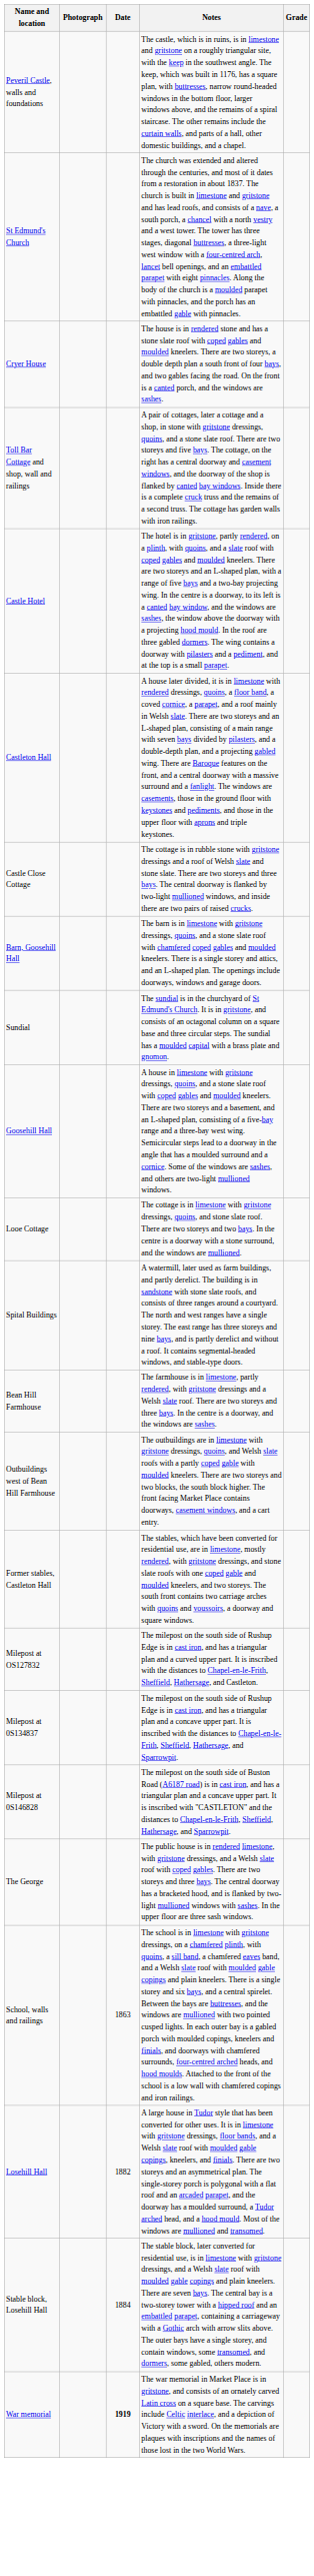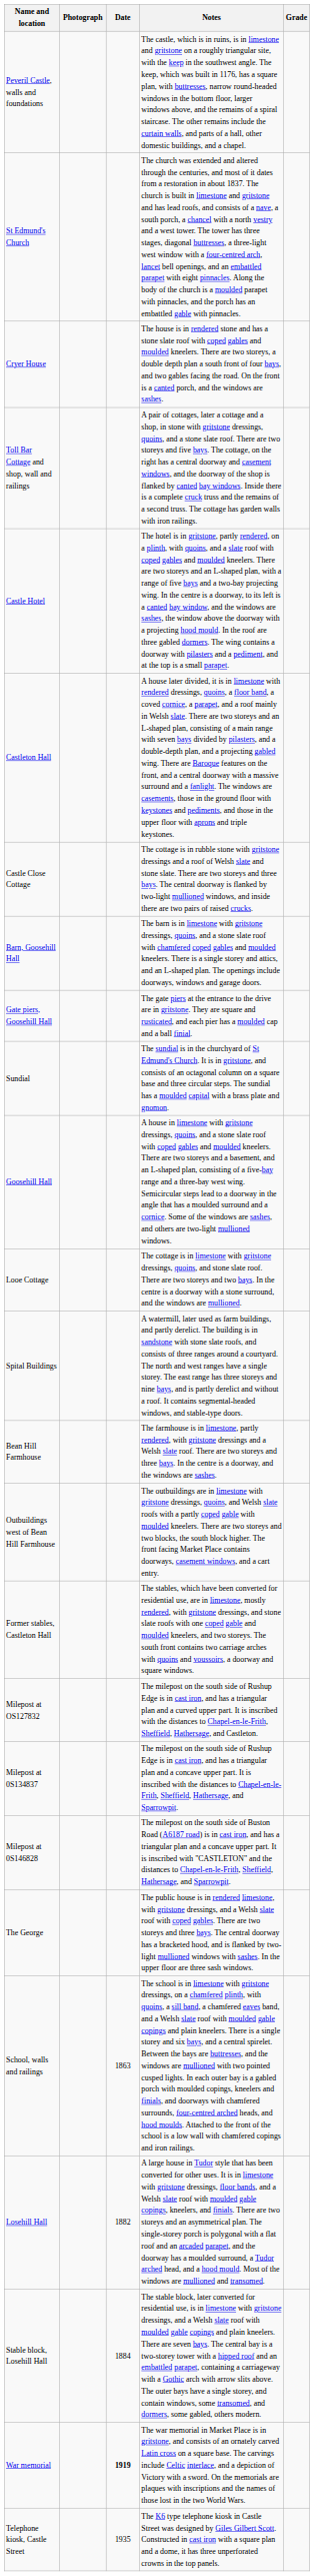 <table class="wikitable sortable plainrowheaders" style="width:100%; border:0; text-align:left; line-height:150%;">
 <tr>
 <th scope="col"  style="width:150px">Name and location</th>
 <th scope="col"  style="width:100px" class="unsortable">Photograph</th>
 <th scope="col"  style="width:120px">Date</th>
 <th scope="col"  style="width:650px" class="unsortable">Notes</th>
 <th scope="col"  style="width:50px">Grade</th>
 </tr>
 <tr>
 <td><a href='#'>Peveril Castle</a>, walls and foundations<br><small></small></td>
 <td></td>
 <td align="center"></td>
 <td>The castle, which is in ruins, is in <a href='#'>limestone</a> and <a href='#'>gritstone</a> on a roughly triangular site, with the <a href='#'>keep</a> in the southwest angle.  The keep, which was built in 1176, has a square plan, with <a href='#'>buttresses</a>, narrow round-headed windows in the bottom floor, larger windows above, and the remains of a spiral staircase.  The other remains include the <a href='#'>curtain walls</a>, and parts of a hall, other domestic buildings, and a chapel.</td>
 <td align="center" ></td>
 </tr>
 <tr>
 <td><a href='#'>St Edmund's Church</a><br><small></small></td>
 <td></td>
 <td align="center"></td>
 <td>The church was extended and altered through the centuries, and most of it dates from a restoration in about 1837.  The church is built in <a href='#'>limestone</a> and <a href='#'>gritstone</a> and has lead roofs, and consists of a <a href='#'>nave</a>, a south porch, a <a href='#'>chancel</a> with a north <a href='#'>vestry</a> and a west tower.  The tower has three stages, diagonal <a href='#'>buttresses</a>, a three-light west window with a <a href='#'>four-centred arch</a>, <a href='#'>lancet</a> bell openings, and an <a href='#'>embattled</a> <a href='#'>parapet</a> with eight <a href='#'>pinnacles</a>.  Along the body of the church is a <a href='#'>moulded</a> parapet with pinnacles, and the porch has an embattled <a href='#'>gable</a> with pinnacles.</td>
 <td align="center" ></td>
 </tr>
 <tr>
 <td><a href='#'>Cryer House</a><br><small></small></td>
 <td></td>
 <td align="center"></td>
 <td>The house is in <a href='#'>rendered</a> stone and has a stone slate roof with <a href='#'>coped</a> <a href='#'>gables</a> and <a href='#'>moulded</a> kneelers.  There are two storeys, a double depth plan a south front of four <a href='#'>bays</a>, and two gables facing the road.  On the front is a <a href='#'>canted</a> porch, and the windows are <a href='#'>sashes</a>.</td>
 <td align="center" ></td>
 </tr>
 <tr>
 <td><a href='#'>Toll Bar Cottage</a> and shop, wall and railings<br><small></small></td>
 <td></td>
 <td align="center"></td>
 <td>A pair of cottages, later a cottage and a shop, in stone with <a href='#'>gritstone</a> dressings, <a href='#'>quoins</a>, and a stone slate roof.  There are two storeys and five <a href='#'>bays</a>.  The cottage, on the right has a central doorway and <a href='#'>casement windows</a>, and the doorway of the shop is flanked by <a href='#'>canted</a> <a href='#'>bay windows</a>.  Inside there is a complete <a href='#'>cruck</a> truss and the remains of a second truss.  The cottage has garden walls with iron railings.</td>
 <td align="center" ></td>
 </tr>
 <tr>
 <td><a href='#'>Castle Hotel</a><br><small></small></td>
 <td></td>
 <td align="center"></td>
 <td>The hotel is in <a href='#'>gritstone</a>, partly <a href='#'>rendered</a>, on a <a href='#'>plinth</a>, with <a href='#'>quoins</a>, and a <a href='#'>slate</a> roof with <a href='#'>coped</a> <a href='#'>gables</a> and <a href='#'>moulded</a> kneelers.  There are two storeys and an L-shaped plan, with a range of five <a href='#'>bays</a> and a two-bay projecting wing.  In the centre is a doorway, to its left is a <a href='#'>canted</a> <a href='#'>bay window</a>, and the windows are <a href='#'>sashes</a>, the window above the doorway with a projecting <a href='#'>hood mould</a>.  In the roof are three gabled <a href='#'>dormers</a>.  The wing contains a doorway with <a href='#'>pilasters</a> and a <a href='#'>pediment</a>, and at the top is a small <a href='#'>parapet</a>.</td>
 <td align="center" ></td>
 </tr>
 <tr>
 <td><a href='#'>Castleton Hall</a><br><small></small></td>
 <td></td>
 <td align="center"></td>
 <td>A house later divided, it is in <a href='#'>limestone</a> with <a href='#'>rendered</a> dressings, <a href='#'>quoins</a>, a <a href='#'>floor band</a>, a coved <a href='#'>cornice</a>, a <a href='#'>parapet</a>, and a roof mainly in Welsh <a href='#'>slate</a>.  There are two storeys and an L-shaped plan, consisting of a main range with seven <a href='#'>bays</a> divided by <a href='#'>pilasters</a>, and a double-depth plan, and a projecting <a href='#'>gabled</a> wing.  There are <a href='#'>Baroque</a> features on the front, and a central doorway with a massive surround and a <a href='#'>fanlight</a>.  The windows are <a href='#'>casements</a>, those in the ground floor with <a href='#'>keystones</a> and <a href='#'>pediments</a>, and those in the upper floor with <a href='#'>aprons</a> and triple keystones.</td>
 <td align="center" ></td>
 </tr>
 <tr>
 <td>Castle Close Cottage<br><small></small></td>
 <td></td>
 <td align="center"></td>
 <td>The cottage is in rubble stone with <a href='#'>gritstone</a> dressings and a roof of Welsh <a href='#'>slate</a> and stone slate.  There are two storeys and three <a href='#'>bays</a>.  The central doorway is flanked by two-light <a href='#'>mullioned</a> windows, and inside there are two pairs of raised <a href='#'>crucks</a>.</td>
 <td align="center" ></td>
 </tr>
 <tr>
 <td><a href='#'>Barn, Goosehill Hall</a><br><small></small></td>
 <td></td>
 <td align="center"></td>
 <td>The barn is in <a href='#'>limestone</a> with <a href='#'>gritstone</a> dressings, <a href='#'>quoins</a>, and a stone slate roof with <a href='#'>chamfered</a> <a href='#'>coped</a> <a href='#'>gables</a> and <a href='#'>moulded</a> kneelers.  There is a single storey and attics, and an L-shaped plan.  The openings include doorways, windows and garage doors.</td>
+<td align="center" ></td>
+</tr>
+<tr>
+<td><a href='#'>Gate piers,  Goosehill Hall</a><br><small></small></td>
+<td></td>
+<td align="center"></td>
+<td>The gate <a href='#'>piers</a> at the entrance to the drive are in <a href='#'>gritstone</a>.  They are square and <a href='#'>rusticated</a>, and each pier has a <a href='#'>moulded</a> cap and a ball <a href='#'>finial</a>.</td>
 <td align="center" ></td>
 </tr>
 <tr>
 <td>Sundial<br><small></small></td>
 <td></td>
 <td align="center"></td>
 <td>The <a href='#'>sundial</a> is in the churchyard of <a href='#'>St Edmund's Church</a>.  It is in <a href='#'>gritstone</a>, and consists of an octagonal column on a square base and three circular steps.  The sundial has a <a href='#'>moulded</a> <a href='#'>capital</a> with a brass plate and <a href='#'>gnomon</a>.</td>
 <td align="center" ></td>
 </tr>
 <tr>
 <td><a href='#'>Goosehill Hall</a><br><small></small></td>
 <td></td>
 <td align="center"></td>
 <td>A house in <a href='#'>limestone</a> with <a href='#'>gritstone</a> dressings, <a href='#'>quoins</a>, and a stone slate roof with <a href='#'>coped</a> <a href='#'>gables</a> and <a href='#'>moulded</a> kneelers.  There are two storeys and a basement, and an L-shaped plan, consisting of a five-<a href='#'>bay</a> range and a three-bay west wing.  Semicircular steps lead to a doorway in the angle that has a moulded surround and a <a href='#'>cornice</a>.  Some of the windows are <a href='#'>sashes</a>, and others are two-light <a href='#'>mullioned</a> windows.</td>
 <td align="center" ></td>
 </tr>
 <tr>
 <td>Looe Cottage<br><small></small></td>
 <td></td>
 <td align="center"></td>
 <td>The cottage is in <a href='#'>limestone</a> with <a href='#'>gritstone</a> dressings, <a href='#'>quoins</a>, and stone slate roof.  There are two storeys and two <a href='#'>bays</a>.  In the centre is a doorway with a stone surround, and the windows are <a href='#'>mullioned</a>.</td>
 <td align="center" ></td>
 </tr>
 <tr>
 <td>Spital Buildings<br><small></small></td>
 <td></td>
 <td align="center"></td>
 <td>A watermill, later used as farm buildings, and partly derelict.  The building is in <a href='#'>sandstone</a> with stone slate roofs, and consists of three ranges around a courtyard.  The north and west ranges have a single storey.  The east range has three storeys and nine <a href='#'>bays</a>, and is partly derelict and without a roof.  It contains segmental-headed windows, and stable-type doors.</td>
 <td align="center" ></td>
 </tr>
 <tr>
 <td>Bean Hill Farmhouse<br><small></small></td>
 <td></td>
 <td align="center"></td>
 <td>The farmhouse is in <a href='#'>limestone</a>, partly <a href='#'>rendered</a>, with <a href='#'>gritstone</a> dressings and a Welsh <a href='#'>slate</a> roof.  There are two storeys and three <a href='#'>bays</a>.  In the centre is a doorway, and the windows are <a href='#'>sashes</a>.</td>
 <td align="center" ></td>
 </tr>
 <tr>
 <td>Outbuildings west of Bean Hill Farmhouse<br><small></small></td>
 <td></td>
 <td align="center"></td>
 <td>The outbuildings are in <a href='#'>limestone</a> with <a href='#'>gritstone</a> dressings, <a href='#'>quoins</a>, and Welsh <a href='#'>slate</a> roofs with a partly <a href='#'>coped</a> <a href='#'>gable</a> with <a href='#'>moulded</a> kneelers.    There are two storeys and two blocks, the south block higher.  The front facing Market Place contains doorways, <a href='#'>casement windows</a>, and a cart entry.</td>
 <td align="center" ></td>
 </tr>
 <tr>
 <td>Former stables, Castleton Hall<br><small></small></td>
 <td></td>
 <td align="center"></td>
 <td>The stables, which have been converted for residential use, are in <a href='#'>limestone</a>, mostly <a href='#'>rendered</a>, with <a href='#'>gritstone</a> dressings, and stone slate roofs with one <a href='#'>coped</a> <a href='#'>gable</a> and <a href='#'>moulded</a> kneelers, and two storeys.  The south front contains two carriage arches with <a href='#'>quoins</a> and <a href='#'>voussoirs</a>, a doorway and square windows.</td>
 <td align="center" ></td>
 </tr>
 <tr>
 <td>Milepost at OS127832<br><small></small></td>
 <td></td>
 <td align="center"></td>
 <td>The milepost on the south side of Rushup Edge is in <a href='#'>cast iron</a>, and has a triangular plan and a curved upper part.  It is inscribed with the distances to <a href='#'>Chapel-en-le-Frith</a>, <a href='#'>Sheffield</a>, <a href='#'>Hathersage</a>, and Castleton.</td>
 <td align="center" ></td>
 </tr>
 <tr>
 <td>Milepost at 0S134837<br><small></small></td>
 <td></td>
 <td align="center"></td>
 <td>The milepost on the south side of Rushup Edge is in <a href='#'>cast iron</a>, and has a triangular plan and a concave upper part.  It is inscribed with the distances to <a href='#'>Chapel-en-le-Frith</a>, <a href='#'>Sheffield</a>, <a href='#'>Hathersage</a>, and <a href='#'>Sparrowpit</a>.</td>
 <td align="center" ></td>
 </tr>
 <tr>
 <td>Milepost at 0S146828<br><small></small></td>
 <td></td>
 <td align="center"></td>
 <td>The milepost on the south side of Buston Road (<a href='#'>A6187 road</a>) is in <a href='#'>cast iron</a>, and has a triangular plan and a concave upper part. It is inscribed with "CASTLETON" and the distances to <a href='#'>Chapel-en-le-Frith</a>, <a href='#'>Sheffield</a>, <a href='#'>Hathersage</a>, and <a href='#'>Sparrowpit</a>.</td>
 <td align="center" ></td>
 </tr>
 <tr>
 <td>The George<br><small></small></td>
 <td></td>
 <td align="center"></td>
 <td>The public house is in <a href='#'>rendered</a> <a href='#'>limestone</a>, with <a href='#'>gritstone</a> dressings, and a Welsh <a href='#'>slate</a> roof with <a href='#'>coped</a> <a href='#'>gables</a>.  There are two storeys and three <a href='#'>bays</a>.  The central doorway has a bracketed hood, and is flanked by two-light <a href='#'>mullioned</a> windows with <a href='#'>sashes</a>.  In the upper floor are three sash windows.</td>
 <td align="center" ></td>
 </tr>
 <tr>
 <td>School, walls and railings<br><small></small></td>
 <td></td>
 <td align="center">1863</td>
 <td>The school is in <a href='#'>limestone</a> with <a href='#'>gritstone</a> dressings, on a <a href='#'>chamfered</a> <a href='#'>plinth</a>, with <a href='#'>quoins</a>, a <a href='#'>sill band</a>, a chamfered <a href='#'>eaves</a> band, and a Welsh <a href='#'>slate</a> roof with <a href='#'>moulded</a> <a href='#'>gable</a> <a href='#'>copings</a> and plain kneelers.  There is a single storey and six <a href='#'>bays</a>, and a central spirelet.  Between the bays are <a href='#'>buttresses</a>, and the windows are <a href='#'>mullioned</a> with two pointed cusped lights.  In each outer bay is a gabled porch with moulded copings, kneelers and <a href='#'>finials</a>, and doorways with chamfered surrounds, <a href='#'>four-centred arched</a> heads, and <a href='#'>hood moulds</a>.  Attached to the front of the school is a low wall with chamfered copings and iron railings.</td>
 <td align="center" ></td>
 </tr>
 <tr>
 <td><a href='#'>Losehill Hall</a><br><small></small></td>
 <td></td>
 <td align="center">1882</td>
 <td>A large house in <a href='#'>Tudor</a> style that has been converted for other uses.  It is in <a href='#'>limestone</a> with <a href='#'>gritstone</a> dressings, <a href='#'>floor bands</a>, and a Welsh <a href='#'>slate</a> roof with <a href='#'>moulded</a> <a href='#'>gable</a> <a href='#'>copings</a>, kneelers, and <a href='#'>finials</a>.  There are two storeys and an asymmetrical plan.  The single-storey porch is polygonal with a flat roof and an <a href='#'>arcaded</a> <a href='#'>parapet</a>, and the doorway has a moulded surround, a <a href='#'>Tudor arched</a> head, and a <a href='#'>hood mould</a>.  Most of the windows are <a href='#'>mullioned</a> and <a href='#'>transomed</a>.</td>
 <td align="center" ></td>
 </tr>
 <tr>
 <td>Stable block, Losehill Hall<br><small></small></td>
 <td></td>
 <td align="center">1884</td>
 <td>The stable block, later converted for residential use, is in <a href='#'>limestone</a> with <a href='#'>gritstone</a> dressings, and a Welsh <a href='#'>slate</a> roof with <a href='#'>moulded</a> <a href='#'>gable</a> <a href='#'>copings</a> and plain kneelers.  There are seven <a href='#'>bays</a>.  The central bay is a two-storey tower with a <a href='#'>hipped roof</a> and an <a href='#'>embattled</a> <a href='#'>parapet</a>, containing a carriageway with a <a href='#'>Gothic</a> arch with arrow slits above.  The outer bays have a single storey, and contain windows, some <a href='#'>transomed</a>, and <a href='#'>dormers</a>, some gabled, others modern.</td>
 <td align="center" ></td>
 </tr>
 <tr>
 <td><a href='#'>War memorial</a><br><small></small></td>
 <td></td>
 <td align="center"><strong>1919</strong></td>
 <td>The war memorial in Market Place is in <a href='#'>gritstone</a>, and consists of an ornately carved <a href='#'>Latin cross</a> on a square base. The carvings include <a href='#'>Celtic</a> <a href='#'>interlace</a>, and a depiction of Victory with a sword.  On the memorials are plaques with inscriptions and the names of those lost in the two World Wars.</td>
 <td align="center" ></td>
 </tr>
 <tr>
+<td>Telephone kiosk, Castle Street<br><small></small></td>
+<td></td>
+<td align="center">1935</td>
+<td>The <a href='#'>K6</a> type telephone kiosk in Castle Street was designed by <a href='#'>Giles Gilbert Scott</a>.  Constructed in <a href='#'>cast iron</a> with a square plan and a dome, it has three unperforated crowns in the top panels.</td>
+<td align="center" ></td>
+</tr>
+<tr>
 </tr>
 </table>
